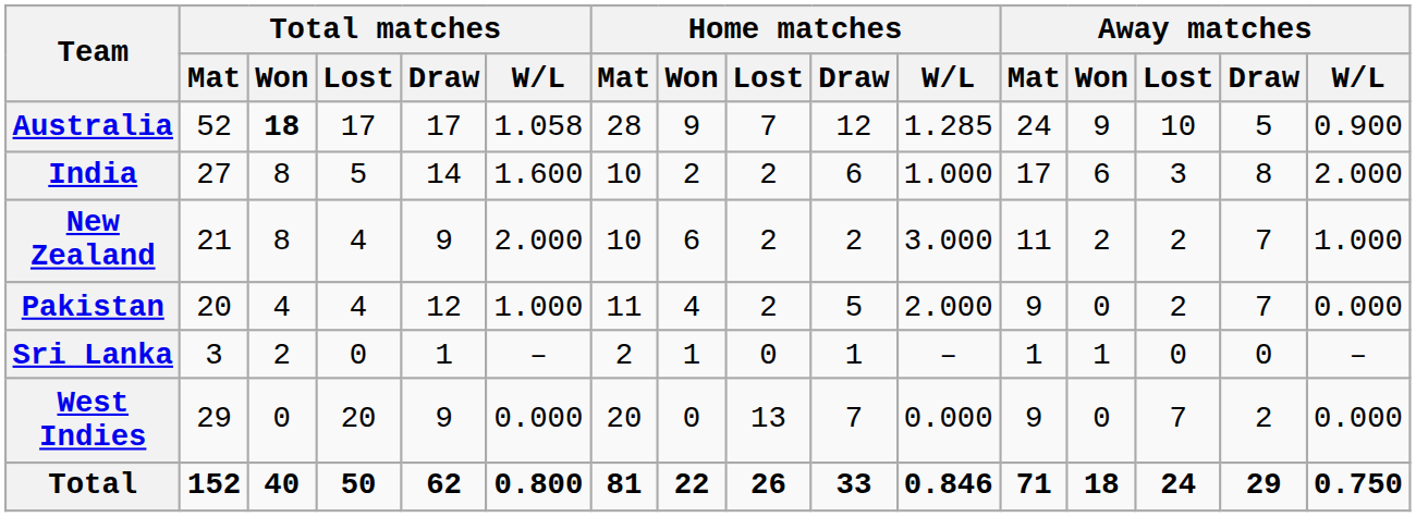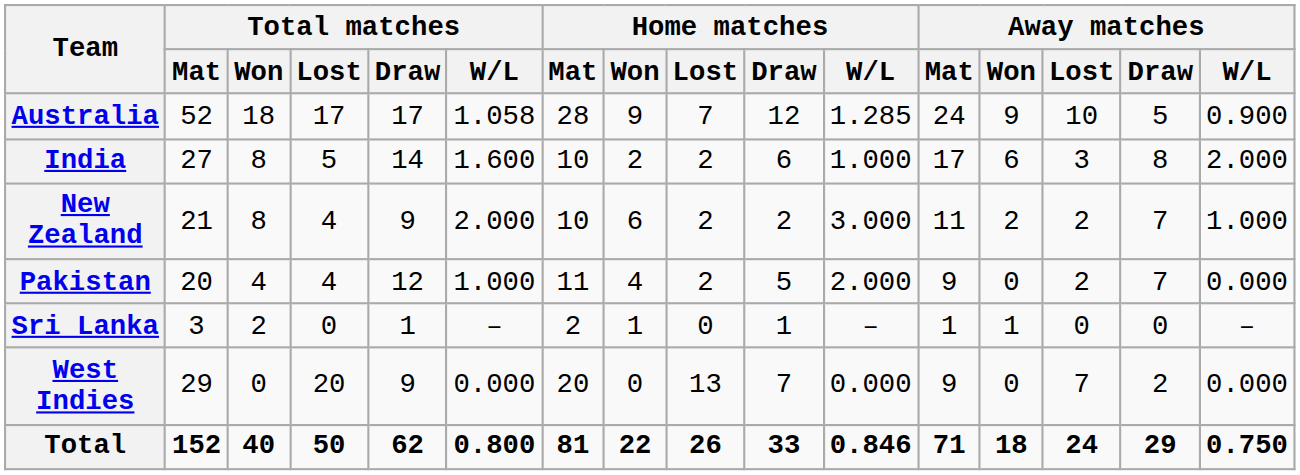 <table class="wikitable plainrowheaders sortable" style="text-align:center">
 <tr>
 <th rowspan=2 scope=col>Team</th>
 <th colspan=5 class=unsortable>Total matches</th>
 <th colspan=5 class=unsortable>Home matches</th>
 <th colspan=5 class=unsortable>Away matches</th>
 </tr>
 <tr>
 <th scope=col data-sort-type=number>Mat</th>
 <th scope=col data-sort-type=number>Won</th>
 <th scope=col data-sort-type=number>Lost</th>
 <th scope=col data-sort-type=number>Draw</th>
 <th scope=col data-sort-type=number>W/L</th>
 <th scope=col data-sort-type=number>Mat</th>
 <th scope=col data-sort-type=number>Won</th>
 <th scope=col data-sort-type=number>Lost</th>
 <th scope=col data-sort-type=number>Draw</th>
 <th scope=col data-sort-type=number>W/L</th>
 <th scope=col data-sort-type=number>Mat</th>
 <th scope=col data-sort-type=number>Won</th>
 <th scope=col data-sort-type=number>Lost</th>
 <th scope=col data-sort-type=number>Draw</th>
 <th scope=col data-sort-type=number>W/L</th>
 </tr>
 <tr>
 <th scope=row><a href='#'>Australia</a></th>
 <td>52</td>
-<td><strong>18</strong></td>
+<td>18</td>
 <td>17</td>
 <td>17</td>
 <td>1.058</td>
 <td>28</td>
 <td>9</td>
 <td>7</td>
 <td>12</td>
 <td>1.285</td>
 <td>24</td>
 <td>9</td>
 <td>10</td>
 <td>5</td>
 <td>0.900</td>
 </tr>
 <tr>
 <th scope=row><a href='#'>India</a></th>
 <td>27</td>
 <td>8</td>
 <td>5</td>
 <td>14</td>
 <td>1.600</td>
 <td>10</td>
 <td>2</td>
 <td>2</td>
 <td>6</td>
 <td>1.000</td>
 <td>17</td>
 <td>6</td>
 <td>3</td>
 <td>8</td>
 <td>2.000</td>
 </tr>
 <tr>
 <th scope=row><a href='#'>New Zealand</a></th>
 <td>21</td>
 <td>8</td>
 <td>4</td>
 <td>9</td>
 <td>2.000</td>
 <td>10</td>
 <td>6</td>
 <td>2</td>
 <td>2</td>
 <td>3.000</td>
 <td>11</td>
 <td>2</td>
 <td>2</td>
 <td>7</td>
 <td>1.000</td>
 </tr>
 <tr>
 <th scope=row><a href='#'>Pakistan</a></th>
 <td>20</td>
 <td>4</td>
 <td>4</td>
 <td>12</td>
 <td>1.000</td>
 <td>11</td>
 <td>4</td>
 <td>2</td>
 <td>5</td>
 <td>2.000</td>
 <td>9</td>
 <td>0</td>
 <td>2</td>
 <td>7</td>
 <td>0.000</td>
 </tr>
 <tr>
 <th scope=row><a href='#'>Sri Lanka</a></th>
 <td>3</td>
 <td>2</td>
 <td>0</td>
 <td>1</td>
 <td>–</td>
 <td>2</td>
 <td>1</td>
 <td>0</td>
 <td>1</td>
 <td>–</td>
 <td>1</td>
 <td>1</td>
 <td>0</td>
 <td>0</td>
 <td>–</td>
 </tr>
 <tr>
 <th scope=row><a href='#'>West Indies</a></th>
 <td>29</td>
 <td>0</td>
 <td>20</td>
 <td>9</td>
 <td>0.000</td>
 <td>20</td>
 <td>0</td>
 <td>13</td>
 <td>7</td>
 <td>0.000</td>
 <td>9</td>
 <td>0</td>
 <td>7</td>
 <td>2</td>
 <td>0.000</td>
 </tr>
 <tr class=sortbottom>
 <th scope=row><strong>Total</strong></th>
 <td><strong>152</strong></td>
 <td><strong>40</strong></td>
 <td><strong>50</strong></td>
 <td><strong>62</strong></td>
 <td><strong>0.800</strong></td>
 <td><strong>81</strong></td>
 <td><strong>22</strong></td>
 <td><strong>26</strong></td>
 <td><strong>33</strong></td>
 <td><strong>0.846</strong></td>
 <td><strong>71</strong></td>
 <td><strong>18</strong></td>
 <td><strong>24</strong></td>
 <td><strong>29</strong></td>
 <td><strong>0.750</strong></td>
 </tr>
 </table>
